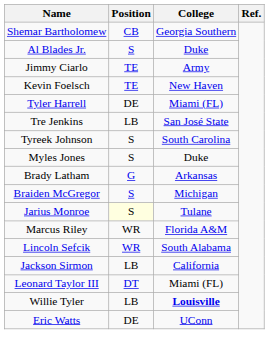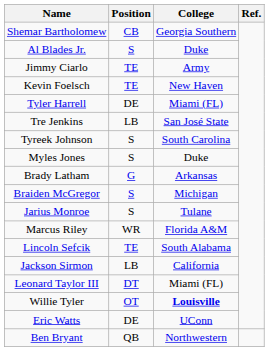 <table class="wikitable" style="text-align:center">
 <tr>
 <th>Name</th>
 <th>Position</th>
 <th>College</th>
 <th>Ref.</th>
 </tr>
 <tr>
 <td><a href='#'>Shemar Bartholomew</a></td>
 <td><a href='#'>CB</a></td>
 <td><a href='#'>Georgia Southern</a></td>
 <td rowspan="17"></td>
 </tr>
 <tr>
 <td><a href='#'>Al Blades Jr.</a></td>
 <td><a href='#'>S</a></td>
 <td><a href='#'>Duke</a></td>
 </tr>
 <tr>
 <td>Jimmy Ciarlo</td>
 <td><a href='#'>TE</a></td>
 <td><a href='#'>Army</a></td>
 </tr>
 <tr>
 <td>Kevin Foelsch</td>
 <td><a href='#'>TE</a></td>
 <td><a href='#'>New Haven</a></td>
 </tr>
 <tr>
 <td><a href='#'>Tyler Harrell</a></td>
 <td>DE</td>
 <td><a href='#'>Miami (FL)</a></td>
 </tr>
 <tr>
 <td>Tre Jenkins</td>
 <td>LB</td>
 <td><a href='#'>San José State</a></td>
 </tr>
 <tr>
 <td>Tyreek Johnson</td>
 <td>S</td>
 <td><a href='#'>South Carolina</a></td>
 </tr>
 <tr>
 <td>Myles Jones</td>
 <td>S</td>
 <td>Duke</td>
 </tr>
 <tr>
 <td>Brady Latham</td>
 <td><a href='#'>G</a></td>
 <td><a href='#'>Arkansas</a></td>
 </tr>
 <tr>
 <td><a href='#'>Braiden McGregor</a></td>
 <td><a href='#'>S</a></td>
 <td><a href='#'>Michigan</a></td>
 </tr>
 <tr>
 <td><a href='#'>Jarius Monroe</a></td>
-<td style="background: lightyellow;">S</td>
+<td>S</td>
 <td><a href='#'>Tulane</a></td>
 </tr>
 <tr>
 <td>Marcus Riley</td>
 <td>WR</td>
 <td><a href='#'>Florida A&M</a></td>
 </tr>
 <tr>
 <td><a href='#'>Lincoln Sefcik</a></td>
-<td><a href='#'>WR</a></td>
+<td><a href='#'>TE</a></td>
 <td><a href='#'>South Alabama</a></td>
 </tr>
 <tr>
 <td><a href='#'>Jackson Sirmon</a></td>
 <td>LB</td>
 <td><a href='#'>California</a></td>
 </tr>
 <tr>
 <td><a href='#'>Leonard Taylor III</a></td>
 <td><a href='#'>DT</a></td>
 <td>Miami (FL)</td>
 </tr>
 <tr>
 <td>Willie Tyler</td>
-<td>LB</td>
+<td><a href='#'>OT</a></td>
 <td><strong><a href='#'>Louisville</a></strong></td>
 </tr>
 <tr>
 <td><a href='#'>Eric Watts</a></td>
 <td>DE</td>
 <td><a href='#'>UConn</a></td>
 </tr>
+<tr>
+<td><a href='#'>Ben Bryant</a></td>
+<td>QB</td>
+<td><a href='#'>Northwestern</a></td>
+<td></td>
+</tr>
 </table>
